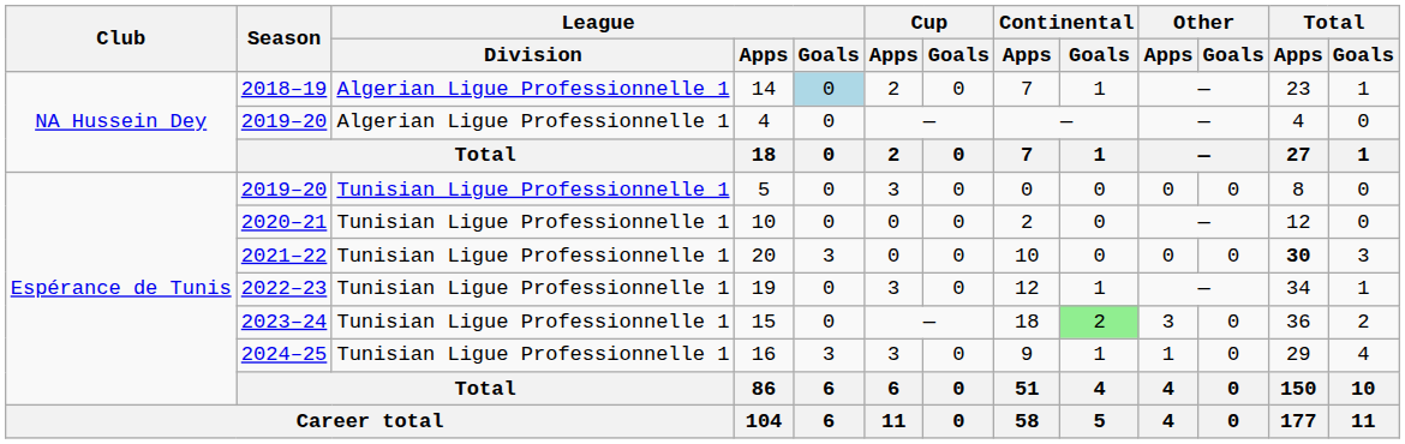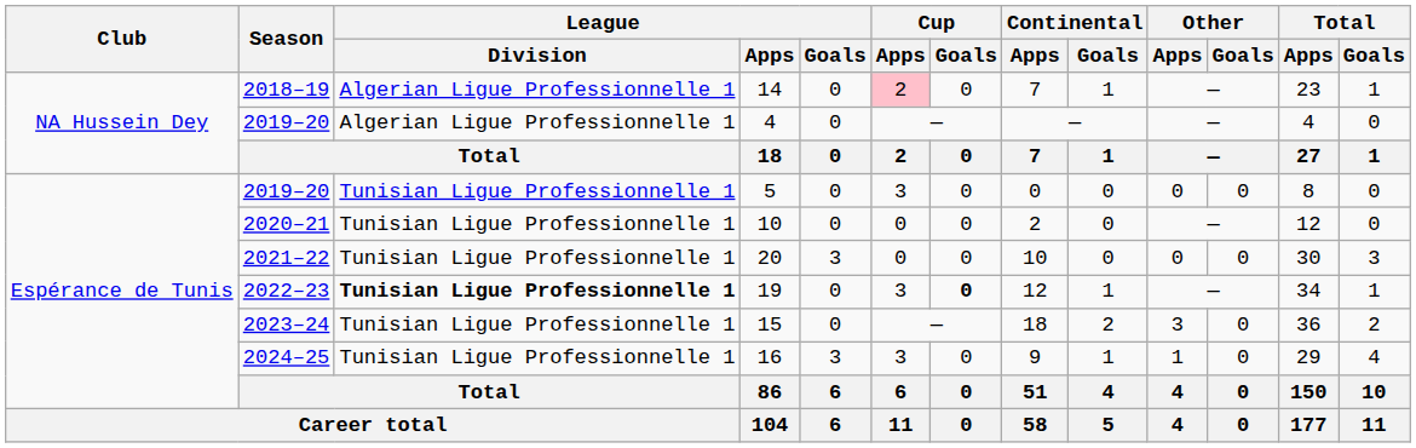 <table class="wikitable" style="text-align: center">
 <tr>
 <th rowspan=2>Club</th>
 <th rowspan=2>Season</th>
 <th colspan=3>League</th>
 <th colspan=2>Cup</th>
 <th colspan=2>Continental</th>
 <th colspan=2>Other</th>
 <th colspan=2>Total</th>
 </tr>
 <tr>
 <th>Division</th>
 <th>Apps</th>
 <th>Goals</th>
 <th>Apps</th>
 <th>Goals</th>
 <th>Apps</th>
 <th>Goals</th>
 <th>Apps</th>
 <th>Goals</th>
 <th>Apps</th>
 <th>Goals</th>
 </tr>
 <tr>
 <td rowspan=3><a href='#'>NA Hussein Dey</a></td>
 <td><a href='#'>2018–19</a></td>
 <td><a href='#'>Algerian Ligue Professionnelle 1</a></td>
 <td>14</td>
-<td style="background: lightblue;">0</td>
-<td>2</td>
+<td>0</td>
+<td style="background: pink;">2</td>
 <td>0</td>
 <td>7</td>
 <td>1</td>
 <td colspan=2>—</td>
 <td>23</td>
 <td>1</td>
 </tr>
 <tr>
 <td><a href='#'>2019–20</a></td>
 <td>Algerian Ligue Professionnelle 1</td>
 <td>4</td>
 <td>0</td>
 <td colspan=2>—</td>
 <td colspan=2>—</td>
 <td colspan=2>—</td>
 <td>4</td>
 <td>0</td>
 </tr>
 <tr>
 <th colspan=2>Total</th>
 <th>18</th>
 <th>0</th>
 <th>2</th>
 <th>0</th>
 <th>7</th>
 <th>1</th>
 <th colspan=2>—</th>
 <th>27</th>
 <th>1</th>
 </tr>
 <tr>
 <td rowspan=7><a href='#'>Espérance de Tunis</a></td>
 <td><a href='#'>2019–20</a></td>
 <td><a href='#'>Tunisian Ligue Professionnelle 1</a></td>
 <td>5</td>
 <td>0</td>
 <td>3</td>
 <td>0</td>
 <td>0</td>
 <td>0</td>
 <td>0</td>
 <td>0</td>
 <td>8</td>
 <td>0</td>
 </tr>
 <tr>
 <td><a href='#'>2020–21</a></td>
 <td>Tunisian Ligue Professionnelle 1</td>
 <td>10</td>
 <td>0</td>
 <td>0</td>
 <td>0</td>
 <td>2</td>
 <td>0</td>
 <td colspan=2>—</td>
 <td>12</td>
 <td>0</td>
 </tr>
 <tr>
 <td><a href='#'>2021–22</a></td>
 <td>Tunisian Ligue Professionnelle 1</td>
 <td>20</td>
 <td>3</td>
 <td>0</td>
 <td>0</td>
 <td>10</td>
 <td>0</td>
 <td>0</td>
 <td>0</td>
-<td><strong>30</strong></td>
+<td>30</td>
 <td>3</td>
 </tr>
 <tr>
 <td><a href='#'>2022–23</a></td>
-<td>Tunisian Ligue Professionnelle 1</td>
+<td><strong>Tunisian Ligue Professionnelle 1</strong></td>
 <td>19</td>
 <td>0</td>
 <td>3</td>
-<td>0</td>
+<td><strong>0</strong></td>
 <td>12</td>
 <td>1</td>
 <td colspan=2>—</td>
 <td>34</td>
 <td>1</td>
 </tr>
 <tr>
 <td><a href='#'>2023–24</a></td>
 <td>Tunisian Ligue Professionnelle 1</td>
 <td>15</td>
 <td>0</td>
 <td colspan=2>—</td>
 <td>18</td>
-<td style="background: lightgreen;">2</td>
+<td>2</td>
 <td>3</td>
 <td>0</td>
 <td>36</td>
 <td>2</td>
 </tr>
 <tr>
 <td><a href='#'>2024–25</a></td>
 <td>Tunisian Ligue Professionnelle 1</td>
 <td>16</td>
 <td>3</td>
 <td>3</td>
 <td>0</td>
 <td>9</td>
 <td>1</td>
 <td>1</td>
 <td>0</td>
 <td>29</td>
 <td>4</td>
 </tr>
 <tr>
 <th colspan=2>Total</th>
 <th>86</th>
 <th>6</th>
 <th>6</th>
 <th>0</th>
 <th>51</th>
 <th>4</th>
 <th>4</th>
 <th>0</th>
 <th>150</th>
 <th>10</th>
 </tr>
 <tr>
 <th colspan=3>Career total</th>
 <th>104</th>
 <th>6</th>
 <th>11</th>
 <th>0</th>
 <th>58</th>
 <th>5</th>
 <th>4</th>
 <th>0</th>
 <th>177</th>
 <th>11</th>
 </tr>
 </table>
